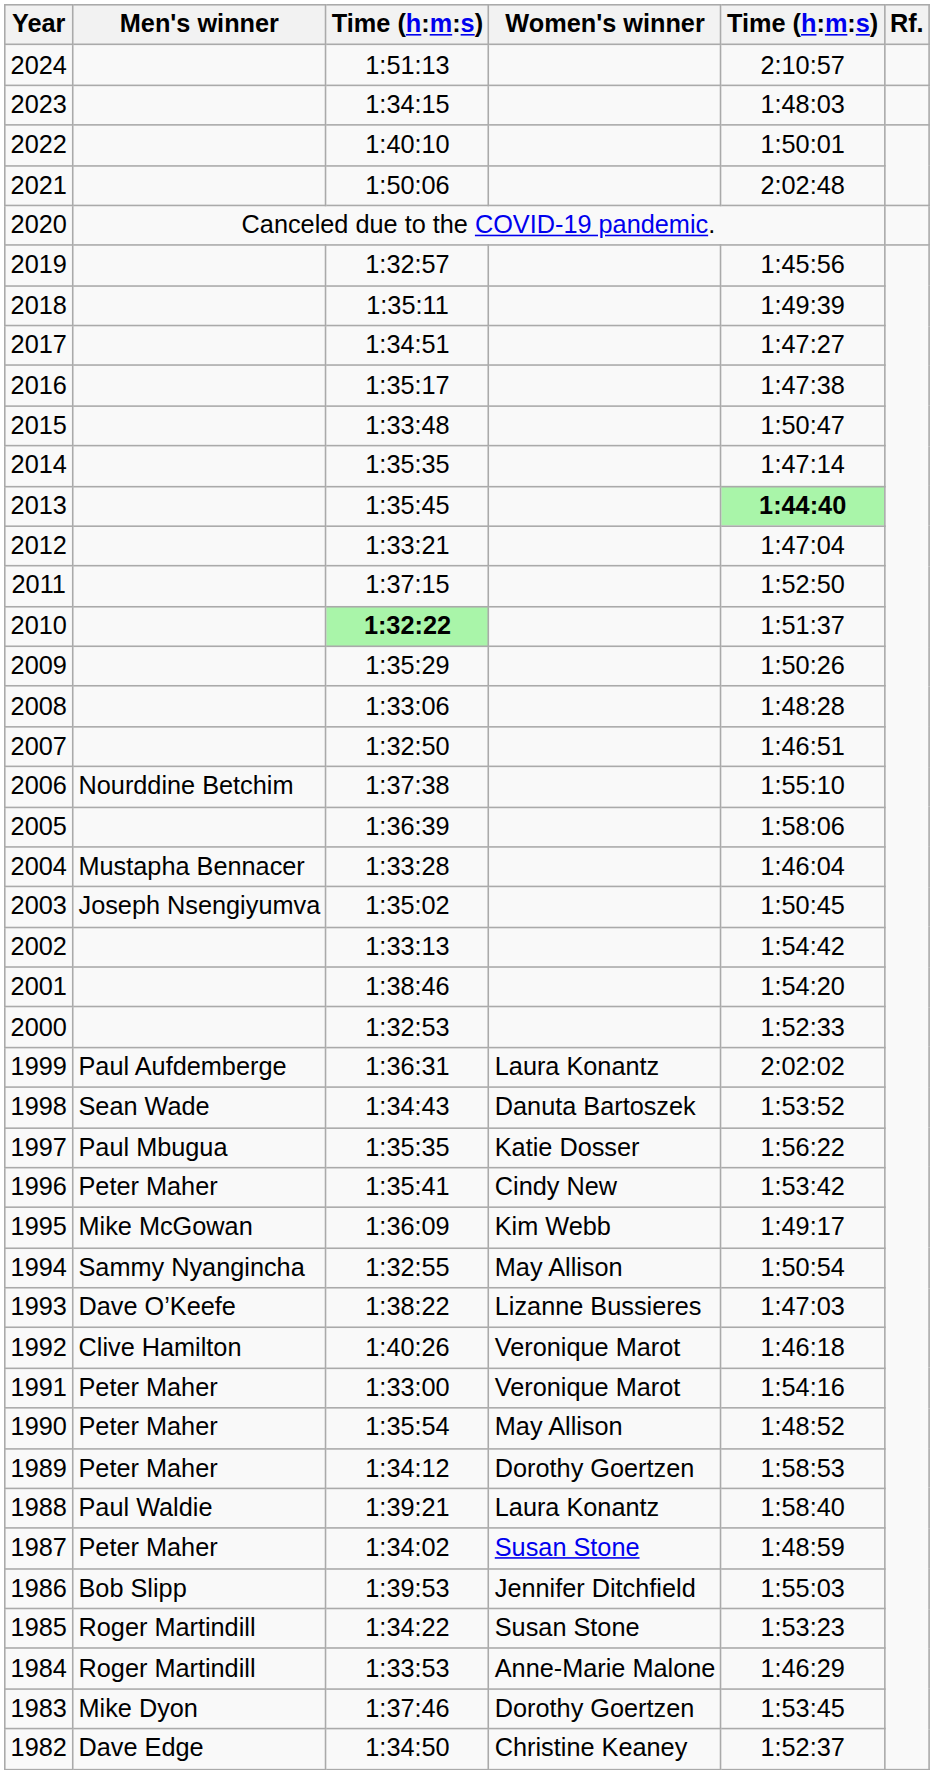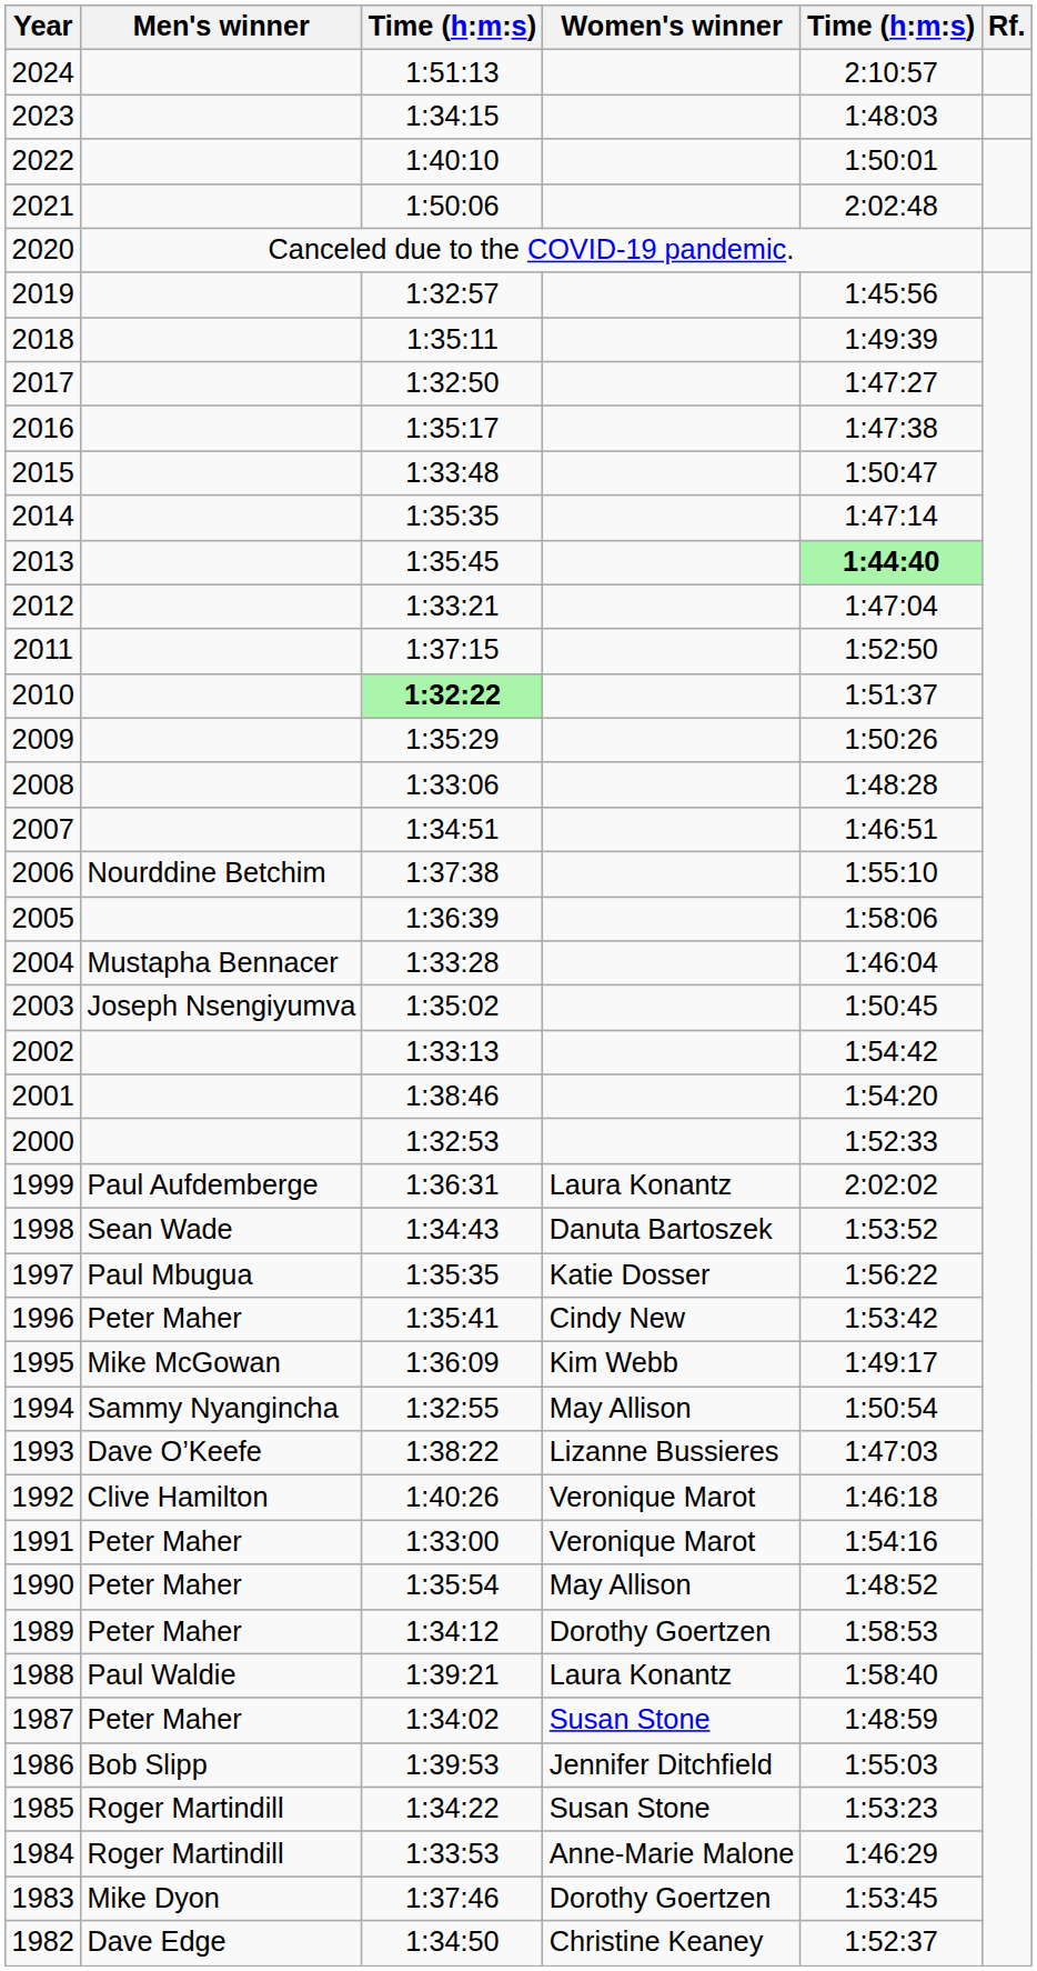 <table class="wikitable sortable" style="text-align:center">
 <tr>
 <th>Year</th>
 <th class=unsortable>Men's winner</th>
 <th>Time (<a href='#'>h</a>:<a href='#'>m</a>:<a href='#'>s</a>)</th>
 <th class=unsortable>Women's winner</th>
 <th>Time (<a href='#'>h</a>:<a href='#'>m</a>:<a href='#'>s</a>)</th>
 <th class="unsortable">Rf.</th>
 </tr>
 <tr>
 <td>2024</td>
 <td align=left></td>
 <td>1:51:13</td>
 <td align=left></td>
 <td>2:10:57</td>
 <td></td>
 </tr>
 <tr>
 <td>2023</td>
 <td align=left></td>
 <td>1:34:15</td>
 <td align=left></td>
 <td>1:48:03</td>
 </tr>
 <tr>
 <td>2022</td>
 <td align=left></td>
 <td>1:40:10</td>
 <td align=left></td>
 <td>1:50:01</td>
 <td rowspan="2"></td>
 </tr>
 <tr>
 <td>2021</td>
 <td align=left></td>
 <td>1:50:06</td>
 <td align=left></td>
 <td>2:02:48</td>
 </tr>
 <tr>
 <td>2020</td>
 <td colspan="4">Canceled due to the <a href='#'>COVID-19 pandemic</a>.</td>
 <td></td>
 </tr>
 <tr>
 <td>2019</td>
 <td align=left></td>
 <td>1:32:57</td>
 <td align=left></td>
 <td>1:45:56</td>
 <td rowspan="38"></td>
 </tr>
 <tr>
 <td>2018</td>
 <td align=left></td>
 <td>1:35:11</td>
 <td align=left></td>
 <td>1:49:39</td>
 </tr>
 <tr>
 <td>2017</td>
 <td align=left></td>
-<td>1:34:51</td>
+<td>1:32:50</td>
 <td align=left></td>
 <td>1:47:27</td>
 </tr>
 <tr>
 <td>2016</td>
 <td align=left></td>
 <td>1:35:17</td>
 <td align=left></td>
 <td>1:47:38</td>
 </tr>
 <tr>
 <td>2015</td>
 <td align=left></td>
 <td>1:33:48</td>
 <td align=left></td>
 <td>1:50:47</td>
 </tr>
 <tr>
 <td>2014</td>
 <td align=left></td>
 <td>1:35:35</td>
 <td align=left></td>
 <td>1:47:14</td>
 </tr>
 <tr>
 <td>2013</td>
 <td align=left></td>
 <td>1:35:45</td>
 <td align=left></td>
 <td bgcolor=#A9F5A9><strong>1:44:40</strong></td>
 </tr>
 <tr>
 <td>2012</td>
 <td align=left></td>
 <td>1:33:21</td>
 <td align=left></td>
 <td>1:47:04</td>
 </tr>
 <tr>
 <td>2011</td>
 <td align=left></td>
 <td>1:37:15</td>
 <td align=left></td>
 <td>1:52:50</td>
 </tr>
 <tr>
 <td>2010</td>
 <td align=left></td>
 <td bgcolor=#A9F5A9><strong>1:32:22</strong></td>
 <td align=left></td>
 <td>1:51:37</td>
 </tr>
 <tr>
 <td>2009</td>
 <td align=left></td>
 <td>1:35:29</td>
 <td align=left></td>
 <td>1:50:26</td>
 </tr>
 <tr>
 <td>2008</td>
 <td align=left></td>
 <td>1:33:06</td>
 <td align=left></td>
 <td>1:48:28</td>
 </tr>
 <tr>
 <td>2007</td>
 <td align=left></td>
-<td>1:32:50</td>
+<td>1:34:51</td>
 <td align=left></td>
 <td>1:46:51</td>
 </tr>
 <tr>
 <td>2006</td>
 <td align=left>Nourddine Betchim</td>
 <td>1:37:38</td>
 <td align=left></td>
 <td>1:55:10</td>
 </tr>
 <tr>
 <td>2005</td>
 <td align=left></td>
 <td>1:36:39</td>
 <td align=left></td>
 <td>1:58:06</td>
 </tr>
 <tr>
 <td>2004</td>
 <td align=left>Mustapha Bennacer</td>
 <td>1:33:28</td>
 <td align=left></td>
 <td>1:46:04</td>
 </tr>
 <tr>
 <td>2003</td>
 <td align=left>Joseph Nsengiyumva</td>
 <td>1:35:02</td>
 <td align=left></td>
 <td>1:50:45</td>
 </tr>
 <tr>
 <td>2002</td>
 <td align=left></td>
 <td>1:33:13</td>
 <td align=left></td>
 <td>1:54:42</td>
 </tr>
 <tr>
 <td>2001</td>
 <td align=left></td>
 <td>1:38:46</td>
 <td align=left></td>
 <td>1:54:20</td>
 </tr>
 <tr>
 <td>2000</td>
 <td align=left></td>
 <td>1:32:53</td>
 <td align=left></td>
 <td>1:52:33</td>
 </tr>
 <tr>
 <td>1999</td>
 <td align=left>Paul Aufdemberge</td>
 <td>1:36:31</td>
 <td align=left>Laura Konantz</td>
 <td>2:02:02</td>
 </tr>
 <tr>
 <td>1998</td>
 <td align=left>Sean Wade</td>
 <td>1:34:43</td>
 <td align=left>Danuta Bartoszek</td>
 <td>1:53:52</td>
 </tr>
 <tr>
 <td>1997</td>
 <td align=left>Paul Mbugua</td>
 <td>1:35:35</td>
 <td align=left>Katie Dosser</td>
 <td>1:56:22</td>
 </tr>
 <tr>
 <td>1996</td>
 <td align=left>Peter Maher</td>
 <td>1:35:41</td>
 <td align=left>Cindy New</td>
 <td>1:53:42</td>
 </tr>
 <tr>
 <td>1995</td>
 <td align=left>Mike McGowan</td>
 <td>1:36:09</td>
 <td align=left>Kim Webb</td>
 <td>1:49:17</td>
 </tr>
 <tr>
 <td>1994</td>
 <td align=left>Sammy Nyangincha</td>
 <td>1:32:55</td>
 <td align=left>May Allison</td>
 <td>1:50:54</td>
 </tr>
 <tr>
 <td>1993</td>
 <td align=left>Dave O’Keefe</td>
 <td>1:38:22</td>
 <td align=left>Lizanne Bussieres</td>
 <td>1:47:03</td>
 </tr>
 <tr>
 <td>1992</td>
 <td align=left>Clive Hamilton</td>
 <td>1:40:26</td>
 <td align=left>Veronique Marot</td>
 <td>1:46:18</td>
 </tr>
 <tr>
 <td>1991</td>
 <td align=left>Peter Maher</td>
 <td>1:33:00</td>
 <td align=left>Veronique Marot</td>
 <td>1:54:16</td>
 </tr>
 <tr>
 <td>1990</td>
 <td align=left>Peter Maher</td>
 <td>1:35:54</td>
 <td align=left>May Allison</td>
 <td>1:48:52</td>
 </tr>
 <tr>
 <td>1989</td>
 <td align=left>Peter Maher</td>
 <td>1:34:12</td>
 <td align=left>Dorothy Goertzen</td>
 <td>1:58:53</td>
 </tr>
 <tr>
 <td>1988</td>
 <td align=left>Paul Waldie</td>
 <td>1:39:21</td>
 <td align=left>Laura Konantz</td>
 <td>1:58:40</td>
 </tr>
 <tr>
 <td>1987</td>
 <td align=left>Peter Maher</td>
 <td>1:34:02</td>
 <td align=left><a href='#'>Susan Stone</a></td>
 <td>1:48:59</td>
 </tr>
 <tr>
 <td>1986</td>
 <td align=left>Bob Slipp</td>
 <td>1:39:53</td>
 <td align=left>Jennifer Ditchfield</td>
 <td>1:55:03</td>
 </tr>
 <tr>
 <td>1985</td>
 <td align=left>Roger Martindill</td>
 <td>1:34:22</td>
 <td align=left>Susan Stone</td>
 <td>1:53:23</td>
 </tr>
 <tr>
 <td>1984</td>
 <td align=left>Roger Martindill</td>
 <td>1:33:53</td>
 <td align=left>Anne-Marie Malone</td>
 <td>1:46:29</td>
 </tr>
 <tr>
 <td>1983</td>
 <td align=left>Mike Dyon</td>
 <td>1:37:46</td>
 <td align=left>Dorothy Goertzen</td>
 <td>1:53:45</td>
 </tr>
 <tr>
 <td>1982</td>
 <td align=left>Dave Edge</td>
 <td>1:34:50</td>
 <td align=left>Christine Keaney</td>
 <td>1:52:37</td>
 </tr>
 </table>
